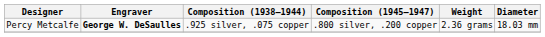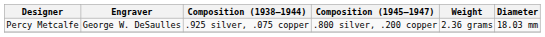 <table class="wikitable">
 <tr>
 <th>Designer</th>
 <th>Engraver</th>
 <th>Composition  (1938–1944)</th>
 <th>Composition (1945–1947)</th>
 <th>Weight</th>
 <th>Diameter</th>
 </tr>
 <tr>
 <td>Percy Metcalfe</td>
-<td><strong>George W. DeSaulles</strong></td>
+<td>George W. DeSaulles</td>
 <td>.925 silver, .075 copper</td>
 <td>.800 silver, .200 copper</td>
 <td>2.36 grams</td>
 <td>18.03 mm</td>
 </tr>
 <tr>
 </tr>
 </table>
